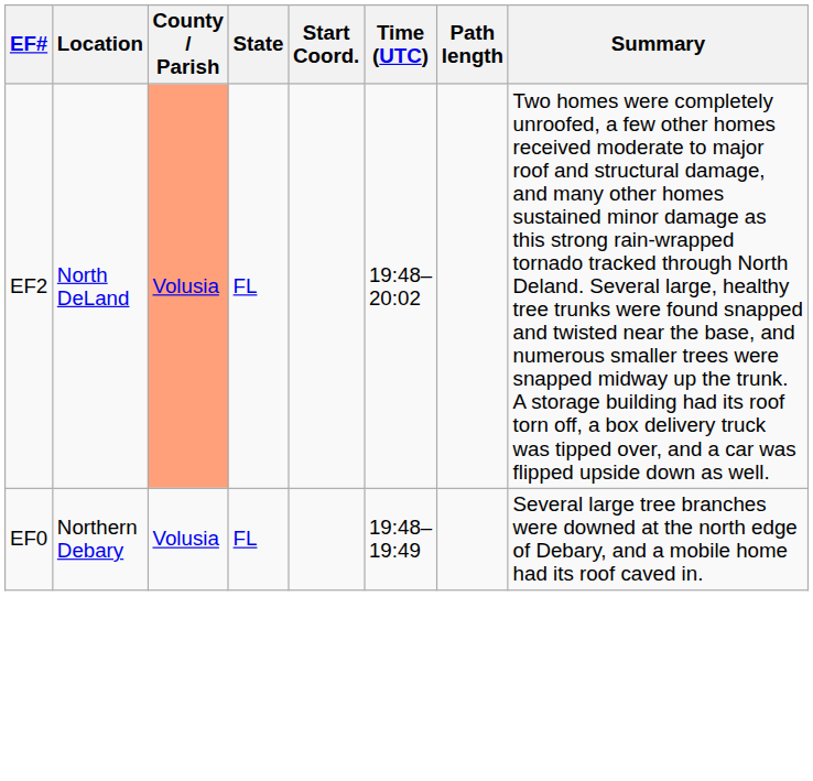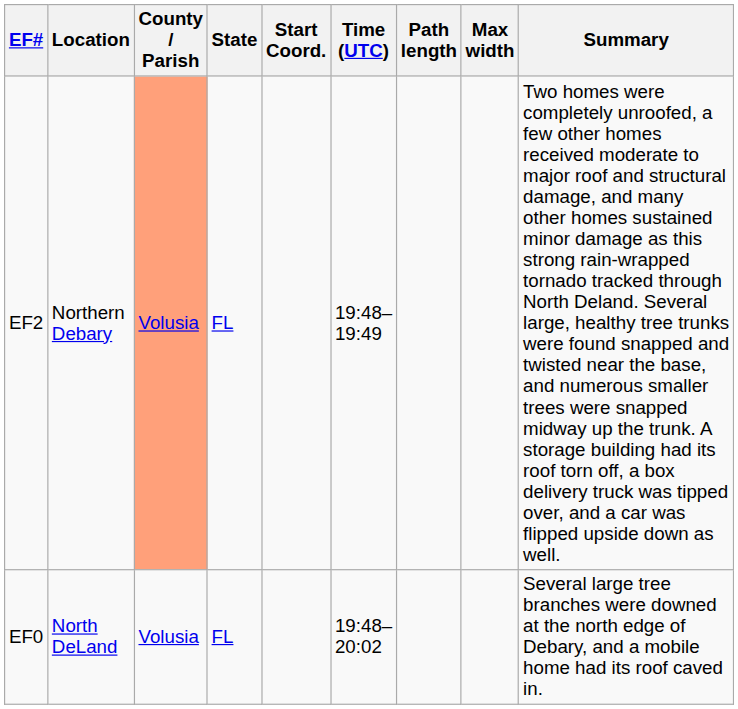 <table class="wikitable sortable" style="width:100%;">
 <tr>
 <th scope="col"  style="width:3%; text-align:center;"><a href='#'>EF#</a></th>
 <th scope="col"  style="width:7%; text-align:center;" class="unsortable">Location</th>
 <th scope="col"  style="width:6%; text-align:center;" class="unsortable">County / Parish</th>
 <th scope="col"  style="width:5%; text-align:center;">State</th>
 <th scope="col"  style="width:6%; text-align:center;">Start Coord.</th>
 <th scope="col"  style="width:6%; text-align:center;">Time (<a href='#'>UTC</a>)</th>
 <th scope="col"  style="width:6%; text-align:center;">Path length</th>
+<th scope="col"  style="width:6%; text-align:center;">Max width</th>
 <th scope="col" class="unsortable" style="width:48%; text-align:center;">Summary</th>
 </tr>
 <tr>
 <td>EF2</td>
-<td><a href='#'>North DeLand</a></td>
+<td>Northern <a href='#'>Debary</a></td>
 <td style="background: lightsalmon;"><a href='#'>Volusia</a></td>
 <td><a href='#'>FL</a></td>
 <td></td>
-<td>19:48–20:02</td>
+<td>19:48–19:49</td>
+<td></td>
 <td></td>
 <td>Two homes were completely unroofed, a few other homes received moderate to major roof and structural damage, and many other homes sustained minor damage as this strong rain-wrapped tornado tracked through North Deland. Several large, healthy tree trunks were found snapped and twisted near the base, and numerous smaller trees were snapped midway up the trunk. A storage building had its roof torn off, a box delivery truck was tipped over, and a car was flipped upside down as well.</td>
 </tr>
 <tr>
 <td>EF0</td>
-<td>Northern <a href='#'>Debary</a></td>
+<td><a href='#'>North DeLand</a></td>
 <td><a href='#'>Volusia</a></td>
 <td><a href='#'>FL</a></td>
 <td></td>
-<td>19:48–19:49</td>
+<td>19:48–20:02</td>
+<td></td>
 <td></td>
 <td>Several large tree branches were downed at the north edge of Debary, and a mobile home had its roof caved in.</td>
 </tr>
 </table>
